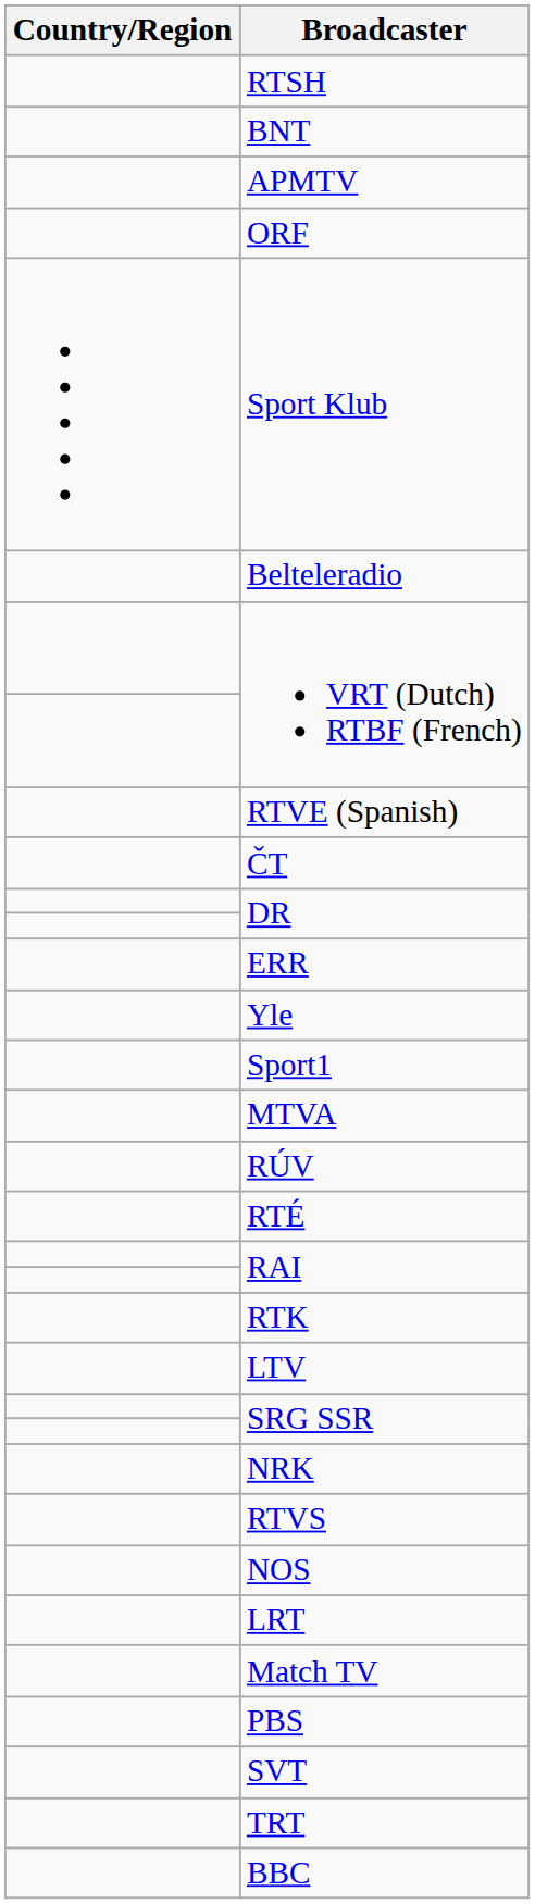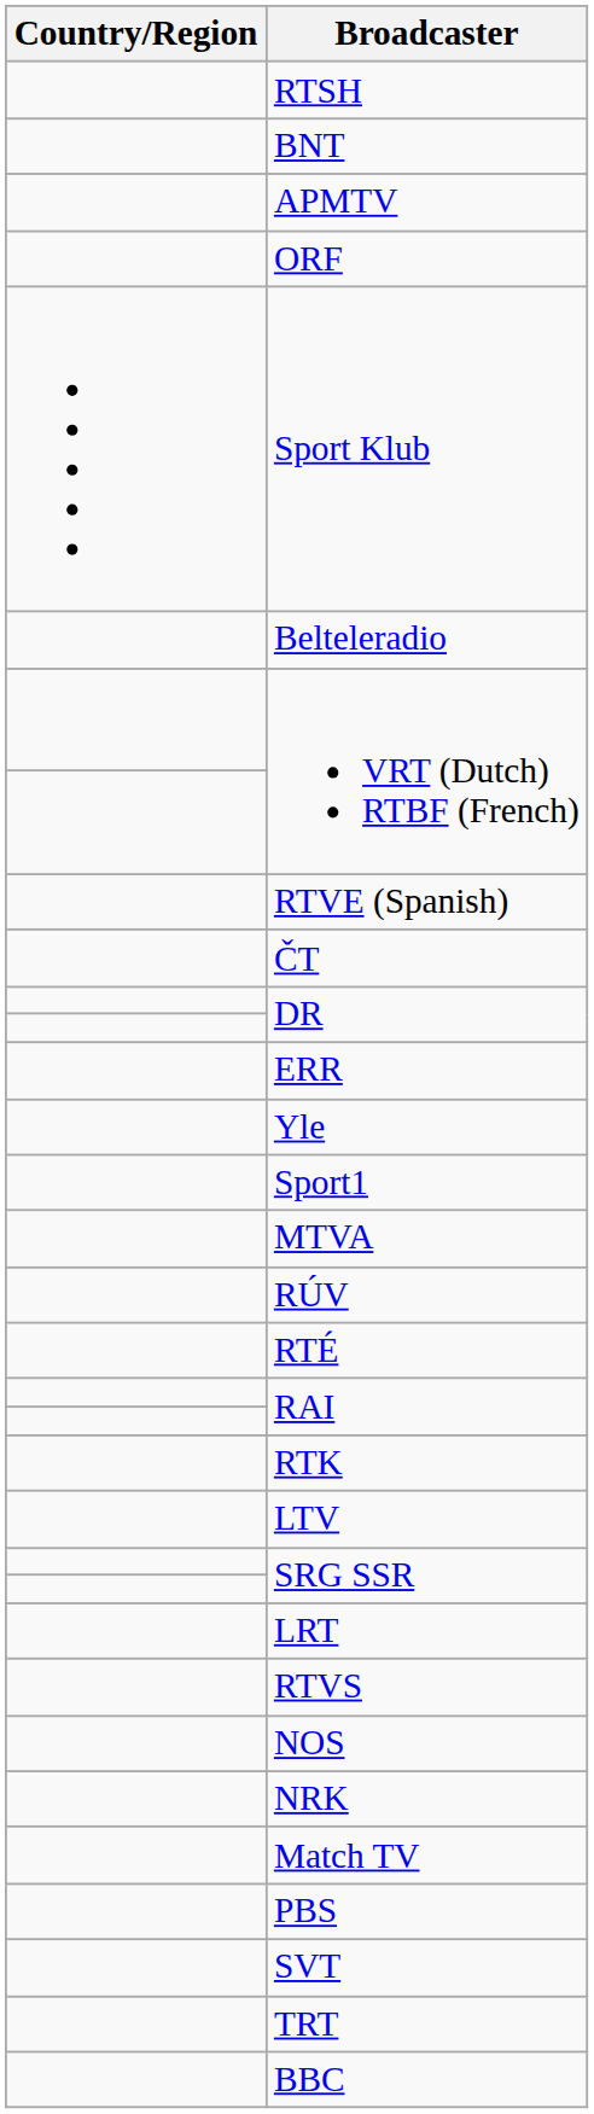 <table class="wikitable">
 <tr>
 <th>Country/Region</th>
 <th>Broadcaster</th>
 </tr>
 <tr>
 <td></td>
 <td><a href='#'>RTSH</a></td>
 </tr>
 <tr>
 <td></td>
 <td><a href='#'>BNT</a></td>
 </tr>
 <tr>
 <td></td>
 <td><a href='#'>APMTV</a></td>
 </tr>
 <tr>
 <td></td>
 <td><a href='#'>ORF</a></td>
 </tr>
 <tr>
 <td><br><ul><li></li><li></li><li></li><li></li><li></li></ul></td>
 <td><a href='#'>Sport Klub</a></td>
 </tr>
 <tr>
 <td></td>
 <td><a href='#'>Belteleradio</a></td>
 </tr>
 <tr>
 <td></td>
 <td rowspan="2"><br><ul><li><a href='#'>VRT</a> (Dutch)</li><li><a href='#'>RTBF</a> (French)</li></ul></td>
 </tr>
 <tr>
 <td></td>
 </tr>
 <tr>
 <td></td>
 <td><a href='#'>RTVE</a> (Spanish)</td>
 </tr>
 <tr>
 <td></td>
 <td><a href='#'>ČT</a></td>
 </tr>
 <tr>
 <td></td>
 <td rowspan="2"><a href='#'>DR</a></td>
 </tr>
 <tr>
 <td></td>
 </tr>
 <tr>
 <td></td>
 <td><a href='#'>ERR</a></td>
 </tr>
 <tr>
 <td></td>
 <td><a href='#'>Yle</a></td>
 </tr>
 <tr>
 <td></td>
 <td><a href='#'>Sport1</a></td>
 </tr>
 <tr>
 <td></td>
 <td><a href='#'>MTVA</a></td>
 </tr>
 <tr>
 <td></td>
 <td><a href='#'>RÚV</a></td>
 </tr>
 <tr>
 <td></td>
 <td><a href='#'>RTÉ</a></td>
 </tr>
 <tr>
 <td></td>
 <td rowspan="2"><a href='#'>RAI</a></td>
 </tr>
 <tr>
 <td></td>
 </tr>
 <tr>
 <td></td>
 <td><a href='#'>RTK</a></td>
 </tr>
 <tr>
 <td></td>
 <td><a href='#'>LTV</a></td>
 </tr>
 <tr>
 <td></td>
 <td rowspan="2"><a href='#'>SRG SSR</a></td>
 </tr>
 <tr>
 <td></td>
 </tr>
 <tr>
 <td></td>
-<td><a href='#'>NRK</a></td>
+<td><a href='#'>LRT</a></td>
 </tr>
 <tr>
 <td></td>
 <td><a href='#'>RTVS</a></td>
 </tr>
 <tr>
 <td></td>
 <td><a href='#'>NOS</a></td>
 </tr>
 <tr>
 <td></td>
-<td><a href='#'>LRT</a></td>
+<td><a href='#'>NRK</a></td>
 </tr>
 <tr>
 <td></td>
 <td><a href='#'>Match TV</a></td>
 </tr>
 <tr>
 <td></td>
 <td><a href='#'>PBS</a></td>
 </tr>
 <tr>
 <td></td>
 <td><a href='#'>SVT</a></td>
 </tr>
 <tr>
 <td></td>
 <td><a href='#'>TRT</a></td>
 </tr>
 <tr>
 <td></td>
 <td><a href='#'>BBC</a></td>
 </tr>
 </table>
